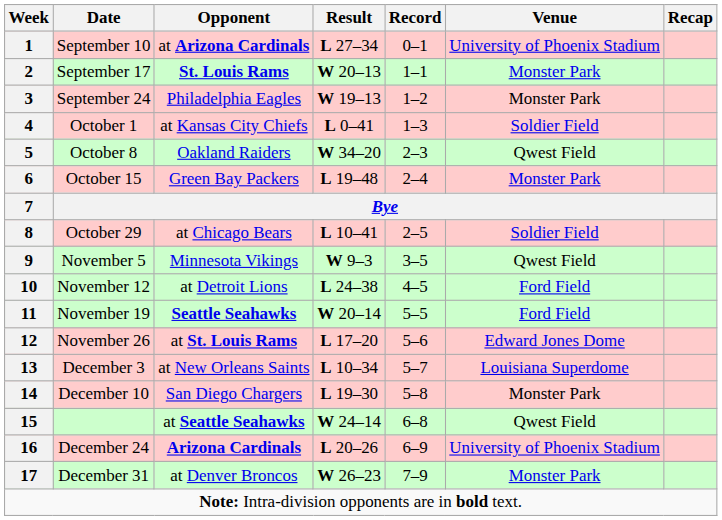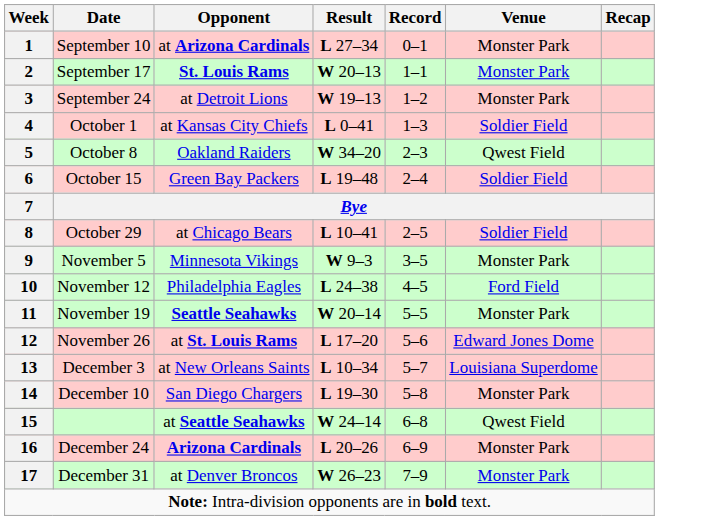 <table class="wikitable" style="text-align:center">
 <tr>
 <th>Week</th>
 <th>Date</th>
 <th>Opponent</th>
 <th>Result</th>
 <th>Record</th>
 <th>Venue</th>
 <th>Recap</th>
 </tr>
 <tr style="background:#fcc">
 <th>1</th>
 <td>September 10</td>
 <td>at <strong><a href='#'>Arizona Cardinals</a></strong></td>
 <td><strong>L</strong> 27–34</td>
 <td>0–1</td>
-<td><a href='#'>University of Phoenix Stadium</a></td>
+<td>Monster Park</td>
 <td></td>
 </tr>
 <tr style="background:#cfc">
 <th>2</th>
 <td>September 17</td>
 <td><strong><a href='#'>St. Louis Rams</a></strong></td>
 <td><strong>W</strong> 20–13</td>
 <td>1–1</td>
 <td><a href='#'>Monster Park</a></td>
 <td></td>
 </tr>
 <tr style="background:#fcc">
 <th>3</th>
 <td>September 24</td>
-<td><a href='#'>Philadelphia Eagles</a></td>
+<td>at <a href='#'>Detroit Lions</a></td>
 <td><strong>W</strong> 19–13</td>
 <td>1–2</td>
 <td>Monster Park</td>
 <td></td>
 </tr>
 <tr style="background:#fcc">
 <th>4</th>
 <td>October 1</td>
 <td>at  <a href='#'>Kansas City Chiefs</a></td>
 <td><strong>L</strong> 0–41</td>
 <td>1–3</td>
 <td><a href='#'>Soldier Field</a></td>
 <td></td>
 </tr>
 <tr style="background:#cfc">
 <th>5</th>
 <td>October 8</td>
 <td><a href='#'>Oakland Raiders</a></td>
 <td><strong>W</strong> 34–20</td>
 <td>2–3</td>
 <td>Qwest Field</td>
 <td></td>
 </tr>
 <tr style="background:#fcc">
 <th>6</th>
 <td>October 15</td>
 <td><a href='#'>Green Bay Packers</a></td>
 <td><strong>L</strong> 19–48</td>
 <td>2–4</td>
-<td><a href='#'>Monster Park</a></td>
+<td><a href='#'>Soldier Field</a></td>
 <td></td>
 </tr>
 <tr>
 <th>7</th>
 <th colspan="7"><em><a href='#'>Bye</a></em></th>
 </tr>
 <tr style="background:#fcc">
 <th>8</th>
 <td>October 29</td>
 <td>at <a href='#'>Chicago Bears</a></td>
 <td><strong>L</strong> 10–41</td>
 <td>2–5</td>
 <td><a href='#'>Soldier Field</a></td>
 <td></td>
 </tr>
 <tr style="background:#cfc">
 <th>9</th>
 <td>November 5</td>
 <td><a href='#'>Minnesota Vikings</a></td>
 <td><strong>W</strong> 9–3</td>
 <td>3–5</td>
-<td>Qwest Field</td>
+<td>Monster Park</td>
 <td></td>
 </tr>
 <tr style="background:#cfc">
 <th>10</th>
 <td>November 12</td>
-<td>at <a href='#'>Detroit Lions</a></td>
+<td><a href='#'>Philadelphia Eagles</a></td>
 <td><strong>L</strong> 24–38</td>
 <td>4–5</td>
 <td><a href='#'>Ford Field</a></td>
 <td></td>
 </tr>
 <tr style="background:#cfc">
 <th>11</th>
 <td>November 19</td>
 <td><strong><a href='#'>Seattle Seahawks</a></strong></td>
 <td><strong>W</strong> 20–14</td>
 <td>5–5</td>
-<td><a href='#'>Ford Field</a></td>
+<td>Monster Park</td>
 <td></td>
 </tr>
 <tr style="background:#fcc">
 <th>12</th>
 <td>November 26</td>
 <td>at <strong><a href='#'>St. Louis Rams</a></strong></td>
 <td><strong>L</strong> 17–20</td>
 <td>5–6</td>
 <td><a href='#'>Edward Jones Dome</a></td>
 <td></td>
 </tr>
 <tr style="background:#fcc">
 <th>13</th>
 <td>December 3</td>
 <td>at <a href='#'>New Orleans Saints</a></td>
 <td><strong>L</strong> 10–34</td>
 <td>5–7</td>
 <td><a href='#'>Louisiana Superdome</a></td>
 <td></td>
 </tr>
 <tr style="background:#fcc">
 <th>14</th>
 <td>December 10</td>
 <td><a href='#'>San Diego Chargers</a></td>
 <td><strong>L</strong> 19–30</td>
 <td>5–8</td>
 <td>Monster Park</td>
 <td></td>
 </tr>
 <tr style="background:#cfc">
 <th>15</th>
 <td></td>
 <td>at <strong><a href='#'>Seattle Seahawks</a></strong></td>
 <td><strong>W</strong> 24–14</td>
 <td>6–8</td>
 <td>Qwest Field</td>
 <td></td>
 </tr>
 <tr style="background:#fcc">
 <th>16</th>
 <td>December 24</td>
 <td><strong><a href='#'>Arizona Cardinals</a></strong></td>
 <td><strong>L</strong> 20–26</td>
 <td>6–9</td>
-<td><a href='#'>University of Phoenix Stadium</a></td>
+<td>Monster Park</td>
 <td></td>
 </tr>
 <tr style="background:#cfc">
 <th>17</th>
 <td>December 31</td>
 <td>at <a href='#'>Denver Broncos</a></td>
 <td><strong>W</strong> 26–23 </td>
 <td>7–9</td>
 <td><a href='#'>Monster Park</a></td>
 <td></td>
 </tr>
 <tr>
 <td colspan="8"><strong>Note:</strong> Intra-division opponents are in <strong>bold</strong> text.</td>
 </tr>
 </table>
